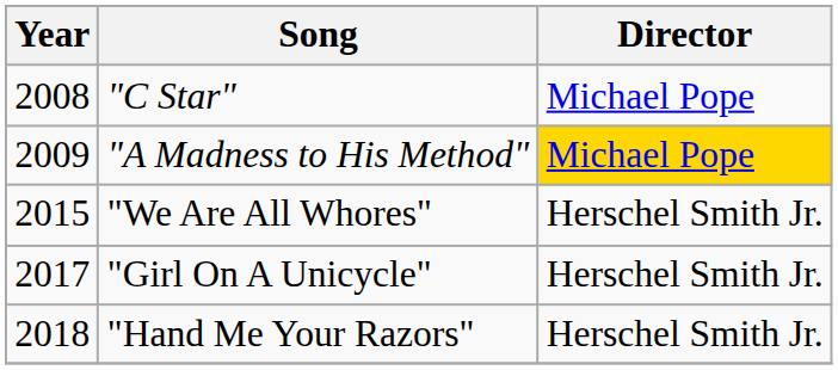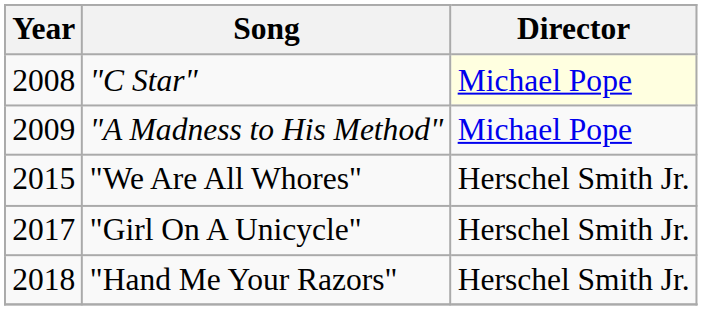 <table class="wikitable">
 <tr>
 <th>Year</th>
 <th>Song</th>
 <th>Director</th>
 </tr>
 <tr>
 <td>2008</td>
 <td><em>"C Star"</em></td>
-<td><a href='#'>Michael Pope</a></td>
+<td style="background: lightyellow;"><a href='#'>Michael Pope</a></td>
 </tr>
 <tr>
 <td>2009</td>
 <td><em>"A Madness to His Method"</em></td>
-<td style="background: gold;"><a href='#'>Michael Pope</a></td>
+<td><a href='#'>Michael Pope</a></td>
 </tr>
 <tr>
 <td>2015</td>
 <td>"We Are All Whores"</td>
 <td>Herschel Smith Jr.</td>
 </tr>
 <tr>
 <td>2017</td>
 <td>"Girl On A Unicycle"</td>
 <td>Herschel Smith Jr.</td>
 </tr>
 <tr>
 <td>2018</td>
 <td>"Hand Me Your Razors"</td>
 <td>Herschel Smith Jr.</td>
 </tr>
 <tr>
 </tr>
 </table>
